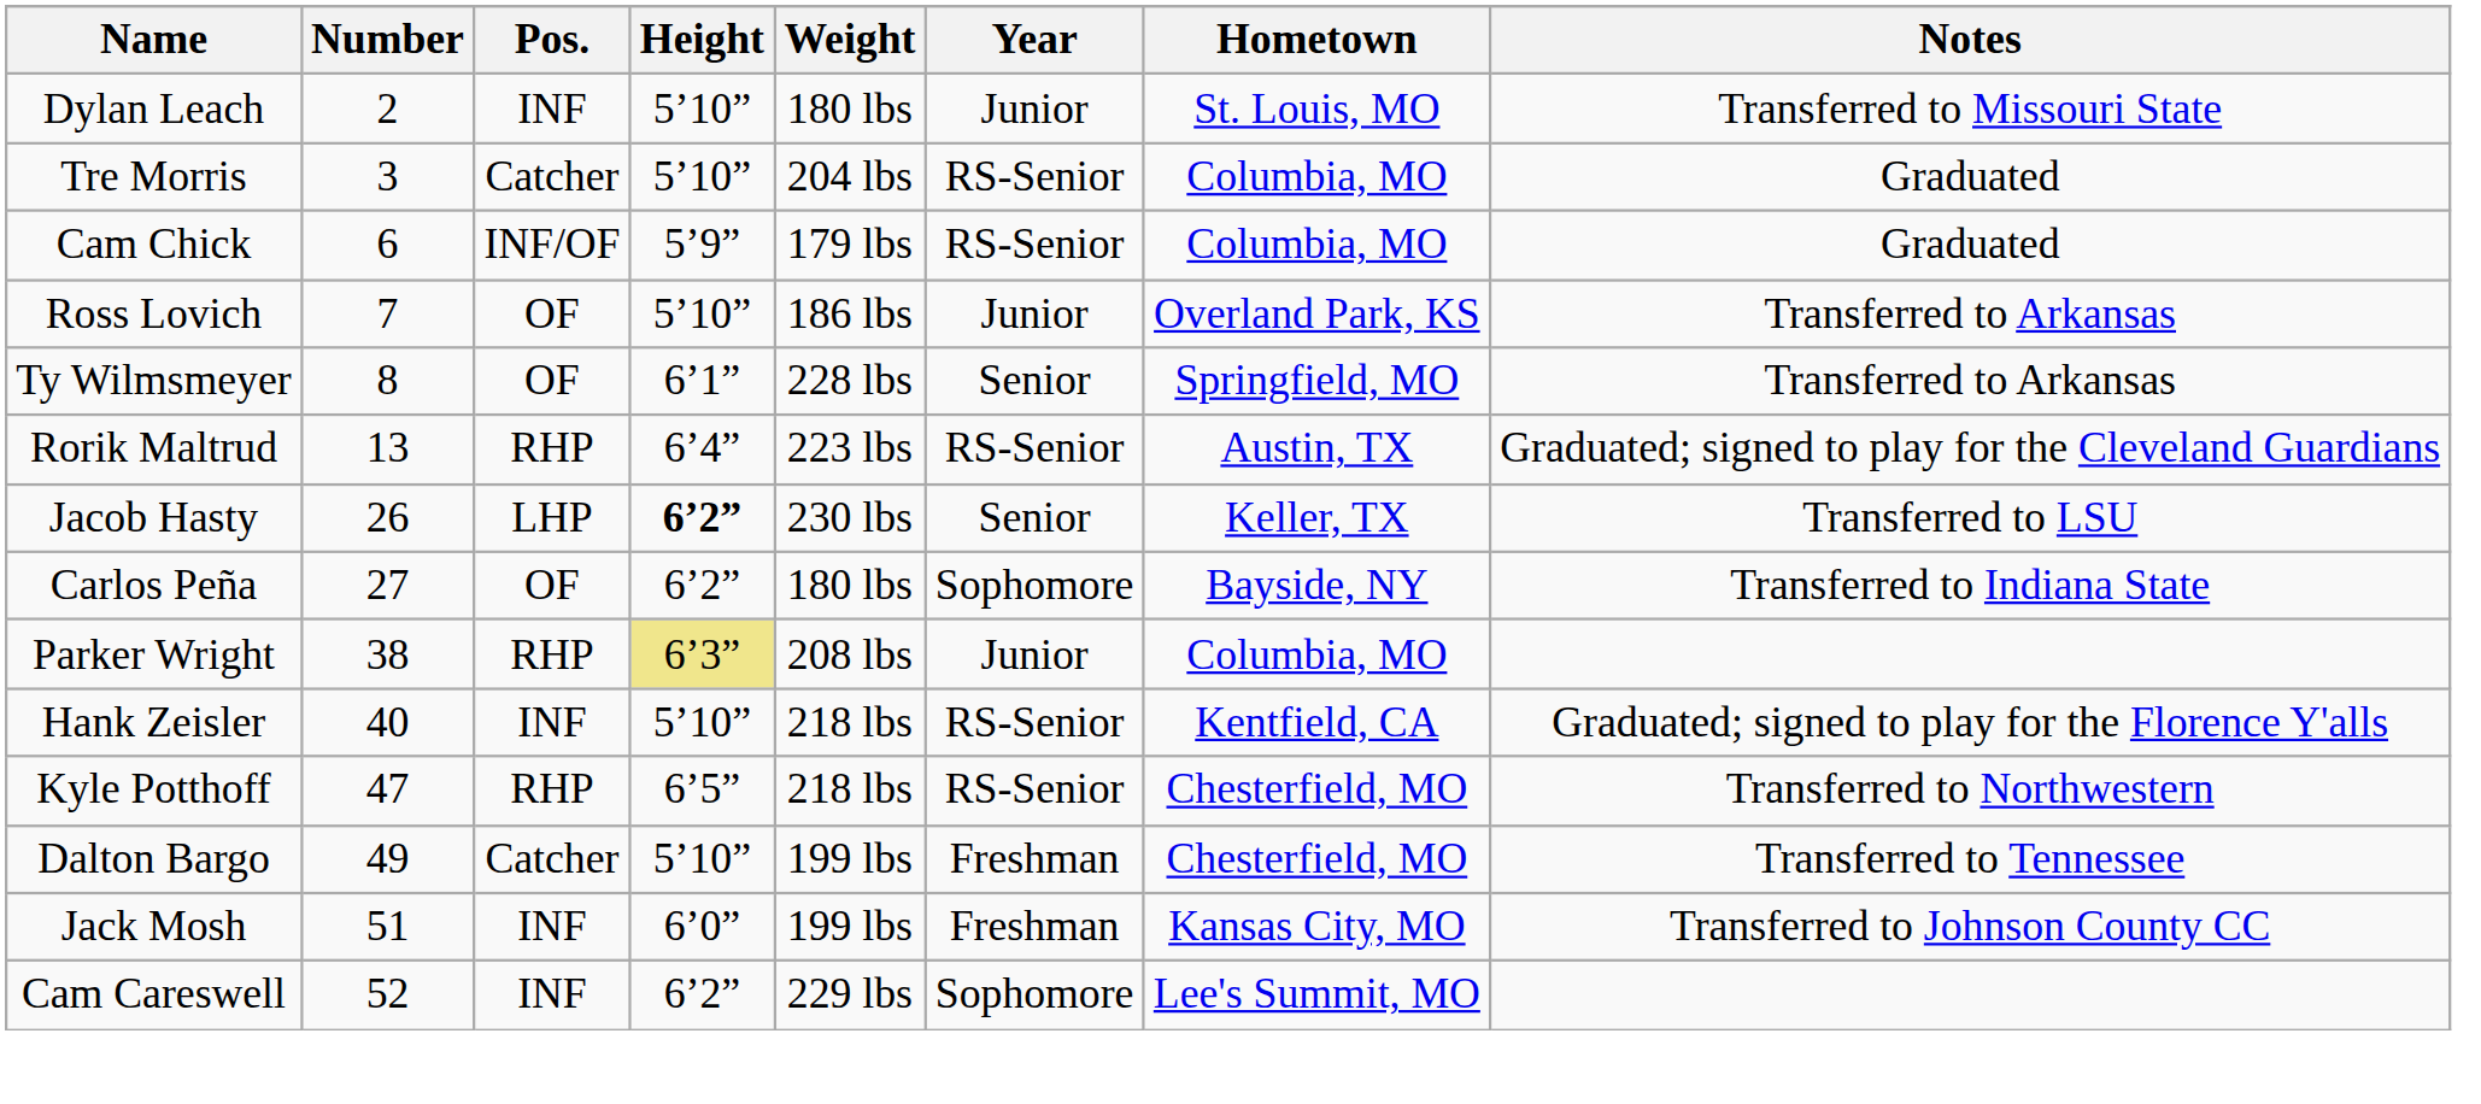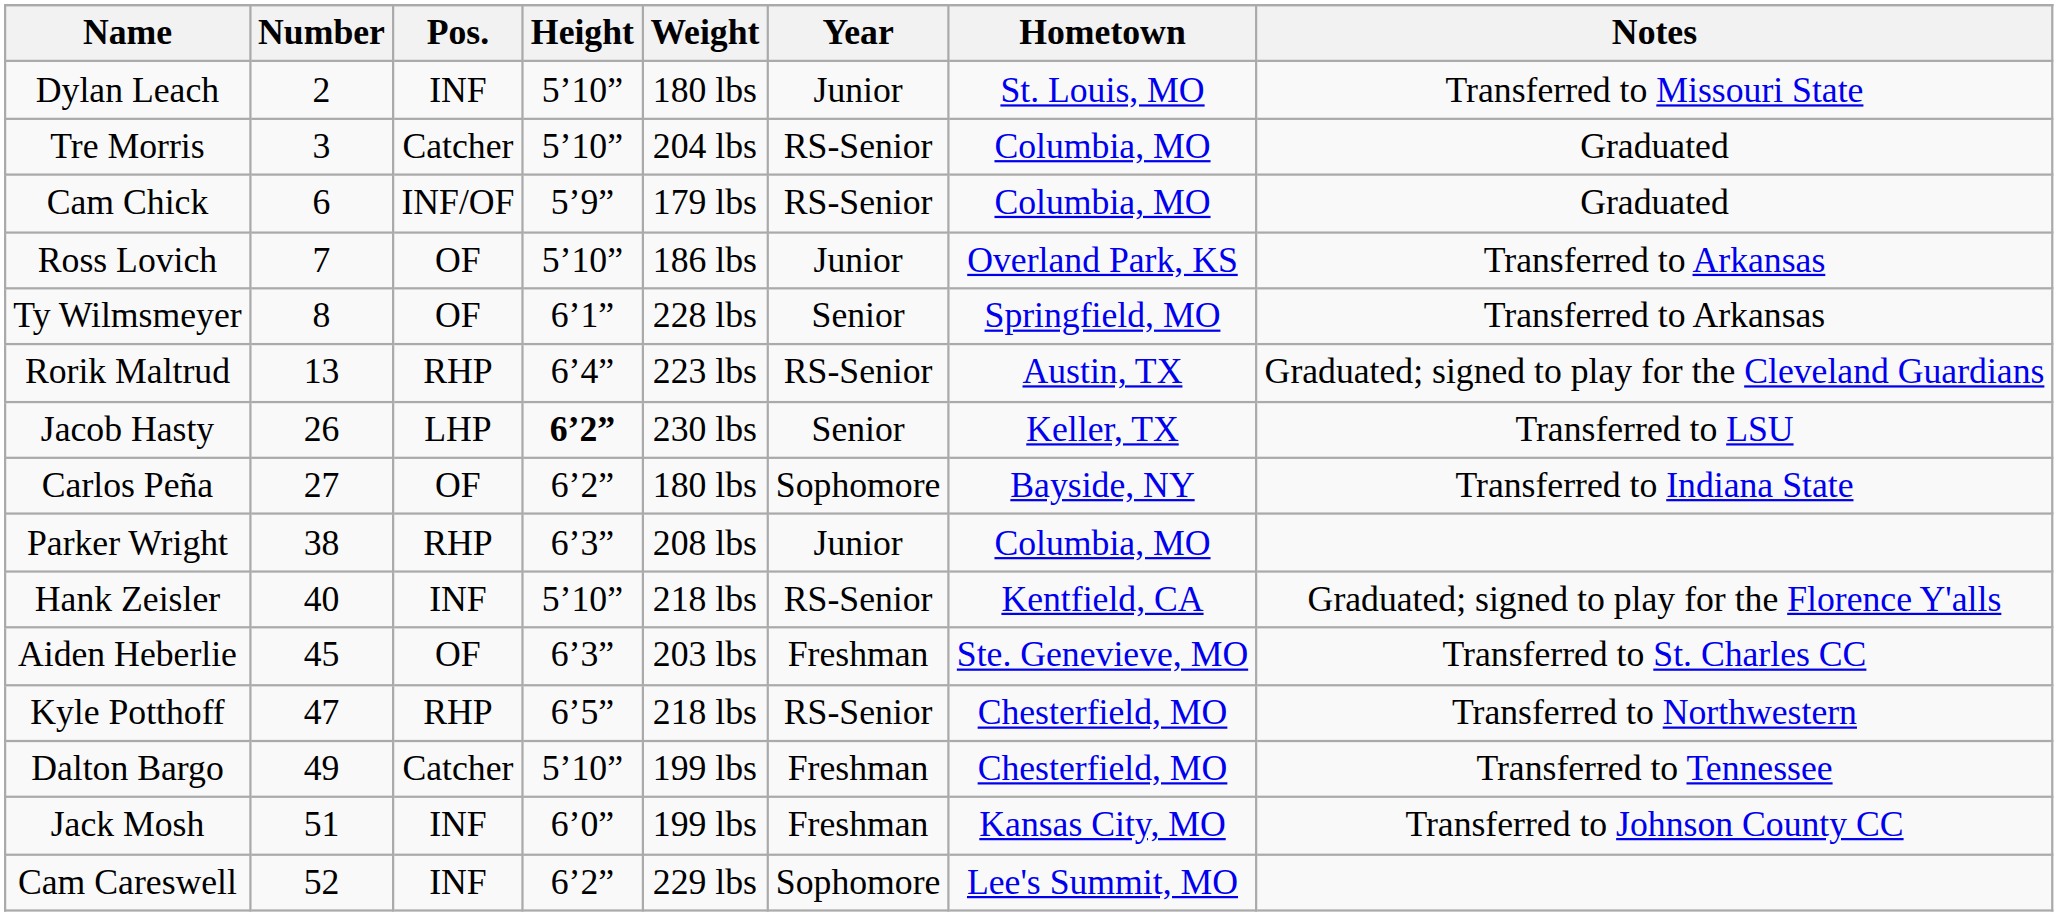 <table class="wikitable sortable">
 <tr>
 </tr>
 <tr>
 <th style="text-align:center; ">Name</th>
 <th style="text-align:center; ">Number</th>
 <th style="text-align:center; ">Pos.</th>
 <th style="text-align:center; ">Height</th>
 <th style="text-align:center; ">Weight</th>
 <th style="text-align:center; ">Year</th>
 <th style="text-align:center; ">Hometown</th>
 <th style="text-align:center; ">Notes</th>
 </tr>
 <tr align="center">
 <td>Dylan Leach</td>
 <td>2</td>
 <td>INF</td>
 <td>5’10”</td>
 <td>180 lbs</td>
 <td>Junior</td>
 <td><a href='#'>St. Louis, MO</a></td>
 <td>Transferred to <a href='#'>Missouri State</a></td>
 </tr>
 <tr align="center">
 <td>Tre Morris</td>
 <td>3</td>
 <td>Catcher</td>
 <td>5’10”</td>
 <td>204 lbs</td>
 <td>RS-Senior</td>
 <td><a href='#'>Columbia, MO</a></td>
 <td>Graduated</td>
 </tr>
 <tr align="center">
 <td>Cam Chick</td>
 <td>6</td>
 <td>INF/OF</td>
 <td>5’9”</td>
 <td>179 lbs</td>
 <td>RS-Senior</td>
 <td><a href='#'>Columbia, MO</a></td>
 <td>Graduated</td>
 </tr>
 <tr align="center">
 <td>Ross Lovich</td>
 <td>7</td>
 <td>OF</td>
 <td>5’10”</td>
 <td>186 lbs</td>
 <td>Junior</td>
 <td><a href='#'>Overland Park, KS</a></td>
 <td>Transferred to <a href='#'>Arkansas</a></td>
 </tr>
 <tr align="center">
 <td>Ty Wilmsmeyer</td>
 <td>8</td>
 <td>OF</td>
 <td>6’1”</td>
 <td>228 lbs</td>
 <td>Senior</td>
 <td><a href='#'>Springfield, MO</a></td>
 <td>Transferred to Arkansas</td>
 </tr>
 <tr align="center">
 <td>Rorik Maltrud</td>
 <td>13</td>
 <td>RHP</td>
 <td>6’4”</td>
 <td>223 lbs</td>
 <td>RS-Senior</td>
 <td><a href='#'>Austin, TX</a></td>
 <td>Graduated; signed to play for the <a href='#'>Cleveland Guardians</a></td>
 </tr>
 <tr align="center">
 <td>Jacob Hasty</td>
 <td>26</td>
 <td>LHP</td>
 <td><strong>6’2”</strong></td>
 <td>230 lbs</td>
 <td>Senior</td>
 <td><a href='#'>Keller, TX</a></td>
 <td>Transferred to <a href='#'>LSU</a></td>
 </tr>
 <tr align="center">
 <td>Carlos Peña</td>
 <td>27</td>
 <td>OF</td>
 <td>6’2”</td>
 <td>180 lbs</td>
 <td>Sophomore</td>
 <td><a href='#'>Bayside, NY</a></td>
 <td>Transferred to <a href='#'>Indiana State</a></td>
 </tr>
 <tr align="center">
 <td>Parker Wright</td>
 <td>38</td>
 <td>RHP</td>
-<td style="background: khaki;">6’3”</td>
+<td>6’3”</td>
 <td>208 lbs</td>
 <td>Junior</td>
 <td><a href='#'>Columbia, MO</a></td>
 <td></td>
 </tr>
 <tr align="center">
 <td>Hank Zeisler</td>
 <td>40</td>
 <td>INF</td>
 <td>5’10”</td>
 <td>218 lbs</td>
 <td>RS-Senior</td>
 <td><a href='#'>Kentfield, CA</a></td>
 <td>Graduated; signed to play for the <a href='#'>Florence Y'alls</a></td>
+</tr>
+<tr align="center">
+<td>Aiden Heberlie</td>
+<td>45</td>
+<td>OF</td>
+<td>6’3”</td>
+<td>203 lbs</td>
+<td>Freshman</td>
+<td><a href='#'>Ste. Genevieve, MO</a></td>
+<td>Transferred to <a href='#'>St. Charles CC</a></td>
 </tr>
 <tr align="center">
 <td>Kyle Potthoff</td>
 <td>47</td>
 <td>RHP</td>
 <td>6’5”</td>
 <td>218 lbs</td>
 <td>RS-Senior</td>
 <td><a href='#'>Chesterfield, MO</a></td>
 <td>Transferred to <a href='#'>Northwestern</a></td>
 </tr>
 <tr align="center">
 <td>Dalton Bargo</td>
 <td>49</td>
 <td>Catcher</td>
 <td>5’10”</td>
 <td>199 lbs</td>
 <td>Freshman</td>
 <td><a href='#'>Chesterfield, MO</a></td>
 <td>Transferred to <a href='#'>Tennessee</a></td>
 </tr>
 <tr align="center">
 <td>Jack Mosh</td>
 <td>51</td>
 <td>INF</td>
 <td>6’0”</td>
 <td>199 lbs</td>
 <td>Freshman</td>
 <td><a href='#'>Kansas City, MO</a></td>
 <td>Transferred to <a href='#'>Johnson County CC</a></td>
 </tr>
 <tr align="center">
 <td>Cam Careswell</td>
 <td>52</td>
 <td>INF</td>
 <td>6’2”</td>
 <td>229 lbs</td>
 <td>Sophomore</td>
 <td><a href='#'>Lee's Summit, MO</a></td>
 <td></td>
 </tr>
 </table>
